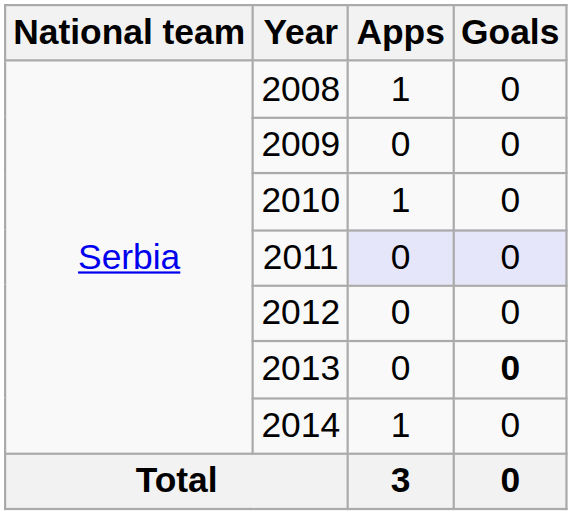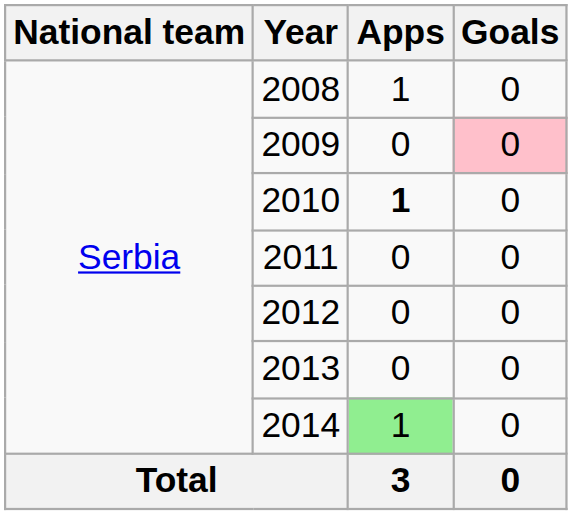 <table class="wikitable" style="text-align:center">
 <tr>
 <th>National team</th>
 <th>Year</th>
 <th>Apps</th>
 <th>Goals</th>
 </tr>
 <tr>
 <td rowspan="7" style="vertical-align:center"><a href='#'>Serbia</a></td>
 <td>2008</td>
 <td>1</td>
 <td>0</td>
 </tr>
 <tr>
 <td>2009</td>
 <td>0</td>
-<td>0</td>
+<td style="background: pink;">0</td>
 </tr>
 <tr>
 <td>2010</td>
-<td>1</td>
+<td><strong>1</strong></td>
 <td>0</td>
 </tr>
 <tr>
 <td>2011</td>
-<td style="background: lavender;">0</td>
-<td style="background: lavender;">0</td>
+<td>0</td>
+<td>0</td>
 </tr>
 <tr>
 <td>2012</td>
 <td>0</td>
 <td>0</td>
 </tr>
 <tr>
 <td>2013</td>
 <td>0</td>
-<td><strong>0</strong></td>
+<td>0</td>
 </tr>
 <tr>
 <td>2014</td>
-<td>1</td>
+<td style="background: lightgreen;">1</td>
 <td>0</td>
 </tr>
 <tr>
 <th colspan="2">Total</th>
 <th>3</th>
 <th>0</th>
 </tr>
 </table>
